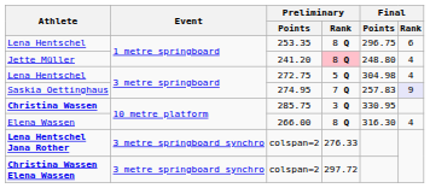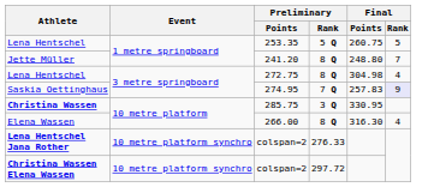 <table class=wikitable style="font-size:90%">
 <tr>
 <th rowspan="2">Athlete</th>
 <th rowspan="2">Event</th>
 <th colspan="2">Preliminary</th>
 <th colspan="2">Final</th>
 </tr>
 <tr style="font-size:95%">
 <th>Points</th>
 <th>Rank</th>
 <th>Points</th>
 <th>Rank</th>
 </tr>
 <tr align=center>
 <td align=left><a href='#'>Lena Hentschel</a></td>
 <td align=left rowspan=2><a href='#'>1 metre springboard</a></td>
 <td>253.35</td>
-<td>8 <strong>Q</strong></td>
-<td>296.75</td>
-<td>6</td>
+<td>5 <strong>Q</strong></td>
+<td>260.75</td>
+<td>5</td>
 </tr>
 <tr align=center>
 <td align=left><a href='#'>Jette Müller</a></td>
 <td>241.20</td>
-<td style="background: pink;">8 <strong>Q</strong></td>
+<td>8 <strong>Q</strong></td>
 <td>248.80</td>
-<td>4</td>
+<td>7</td>
 </tr>
 <tr align=center>
 <td align=left><a href='#'>Lena Hentschel</a></td>
 <td align=left rowspan=2><a href='#'>3 metre springboard</a></td>
 <td>272.75</td>
-<td>5 <strong>Q</strong></td>
+<td>8 <strong>Q</strong></td>
 <td>304.98</td>
 <td>4</td>
 </tr>
 <tr align=center>
 <td align=left><a href='#'>Saskia Oettinghaus</a></td>
 <td>274.95</td>
 <td>7 <strong>Q</strong></td>
 <td>257.83</td>
 <td style="background: lavender;">9</td>
 </tr>
 <tr align=center>
 <td align=left><strong><a href='#'>Christina Wassen</a></strong></td>
 <td align=left rowspan=2><a href='#'>10 metre platform</a></td>
 <td>285.75</td>
 <td>3 <strong>Q</strong></td>
 <td>330.95</td>
 <td></td>
 </tr>
 <tr align=center>
 <td align=left><a href='#'>Elena Wassen</a></td>
 <td>266.00</td>
 <td>8 <strong>Q</strong></td>
 <td>316.30</td>
 <td>4</td>
 </tr>
 <tr align=center>
 <td align=left><strong><a href='#'>Lena Hentschel</a><br><a href='#'>Jana Rother</a></strong></td>
-<td align=left><a href='#'>3 metre springboard synchro</a></td>
+<td align=left><a href='#'>10 metre platform synchro</a></td>
 <td>colspan=2</td>
 <td>276.33</td>
 <td></td>
 </tr>
 <tr align=center>
 <td align=left><strong><a href='#'>Christina Wassen</a><br><a href='#'>Elena Wassen</a></strong></td>
-<td align=left><a href='#'>3 metre springboard synchro</a></td>
+<td align=left><a href='#'>10 metre platform synchro</a></td>
 <td>colspan=2</td>
 <td>297.72</td>
 <td></td>
 </tr>
 </table>
